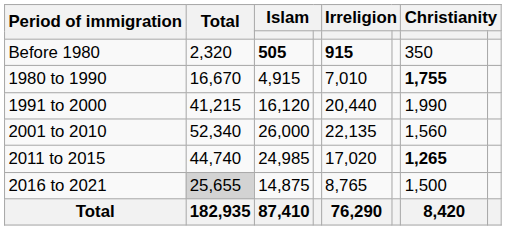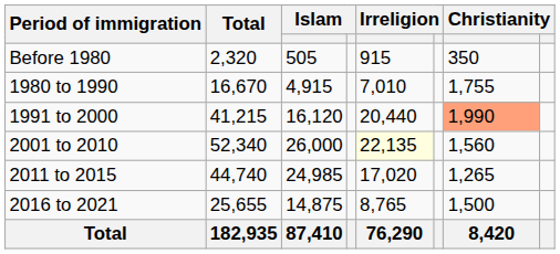 <table class="wikitable sortable floatright">
 <tr>
 <th rowspan="2">Period of immigration</th>
 <th rowspan="2">Total</th>
 <th colspan ="2">Islam</th>
 <th colspan="2">Irreligion</th>
 <th colspan="2">Christianity</th>
 </tr>
 <tr>
 <th><a href='#'></a></th>
 <th></th>
 <th><a href='#'></a></th>
 <th></th>
 <th><a href='#'></a></th>
 <th></th>
 </tr>
 <tr>
 <td>Before 1980</td>
 <td>2,320</td>
-<td><strong>505</strong></td>
+<td>505</td>
 <td></td>
-<td><strong>915</strong></td>
+<td>915</td>
 <td></td>
 <td>350</td>
 <td></td>
 </tr>
 <tr>
 <td>1980 to 1990</td>
 <td>16,670</td>
 <td>4,915</td>
 <td></td>
 <td>7,010</td>
 <td></td>
-<td><strong>1,755</strong></td>
+<td>1,755</td>
 <td></td>
 </tr>
 <tr>
 <td>1991 to 2000</td>
 <td>41,215</td>
 <td>16,120</td>
 <td></td>
 <td>20,440</td>
 <td></td>
-<td>1,990</td>
+<td style="background: lightsalmon;">1,990</td>
 <td></td>
 </tr>
 <tr>
 <td>2001 to 2010</td>
 <td>52,340</td>
 <td>26,000</td>
 <td></td>
-<td>22,135</td>
+<td style="background: lightyellow;">22,135</td>
 <td></td>
 <td>1,560</td>
 <td></td>
 </tr>
 <tr>
 <td>2011 to 2015</td>
 <td>44,740</td>
 <td>24,985</td>
 <td></td>
 <td>17,020</td>
 <td></td>
-<td><strong>1,265</strong></td>
+<td>1,265</td>
 <td></td>
 </tr>
 <tr>
 <td>2016 to 2021</td>
-<td style="background: lightgrey;">25,655</td>
+<td>25,655</td>
 <td>14,875</td>
 <td></td>
 <td>8,765</td>
 <td></td>
 <td>1,500</td>
 <td></td>
 </tr>
 <tr>
 <th>Total</th>
 <th>182,935</th>
 <th>87,410</th>
 <th></th>
 <th>76,290</th>
 <th></th>
 <th>8,420</th>
 <th></th>
 </tr>
 </table>
